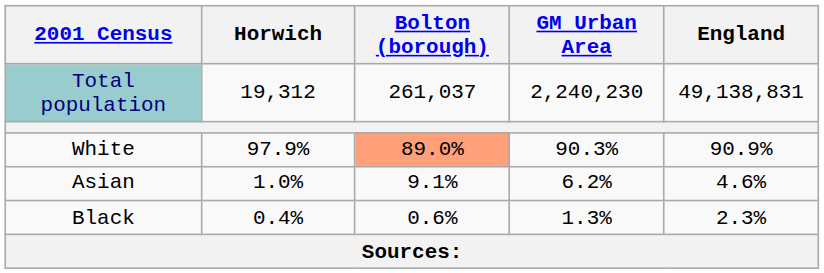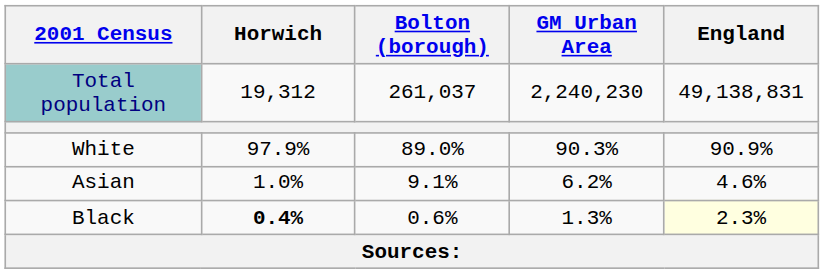 <table class="wikitable" style="float: right; margin-left: 1em; width: 40%; text-align:center" cellspacing="5">
 <tr>
 <th style="width:24%; "><strong><a href='#'>2001 Census</a></strong></th>
 <th style="width:19%; "><strong>Horwich</strong></th>
 <th style="width:19%; "><strong><a href='#'>Bolton (borough)</a></strong></th>
 <th style="width:19%; "><strong><a href='#'>GM Urban Area</a></strong></th>
 <th style="width:19%; ">England</th>
 </tr>
 <tr>
 <td style="background:#9cc; color:navy;">Total population</td>
 <td>19,312</td>
 <td>261,037</td>
 <td>2,240,230</td>
 <td>49,138,831</td>
 </tr>
 <tr>
 <th colspan="5"></th>
 </tr>
 <tr>
 <td>White</td>
 <td>97.9%</td>
-<td style="background: lightsalmon;">89.0%</td>
+<td>89.0%</td>
 <td>90.3%</td>
 <td>90.9%</td>
 </tr>
 <tr>
 <td>Asian</td>
 <td>1.0%</td>
 <td>9.1%</td>
 <td>6.2%</td>
 <td>4.6%</td>
 </tr>
 <tr>
 <td>Black</td>
-<td>0.4%</td>
+<td><strong>0.4%</strong></td>
 <td>0.6%</td>
 <td>1.3%</td>
-<td>2.3%</td>
+<td style="background: lightyellow;">2.3%</td>
 </tr>
 <tr>
 <th colspan="5">Sources:</th>
 </tr>
 </table>
